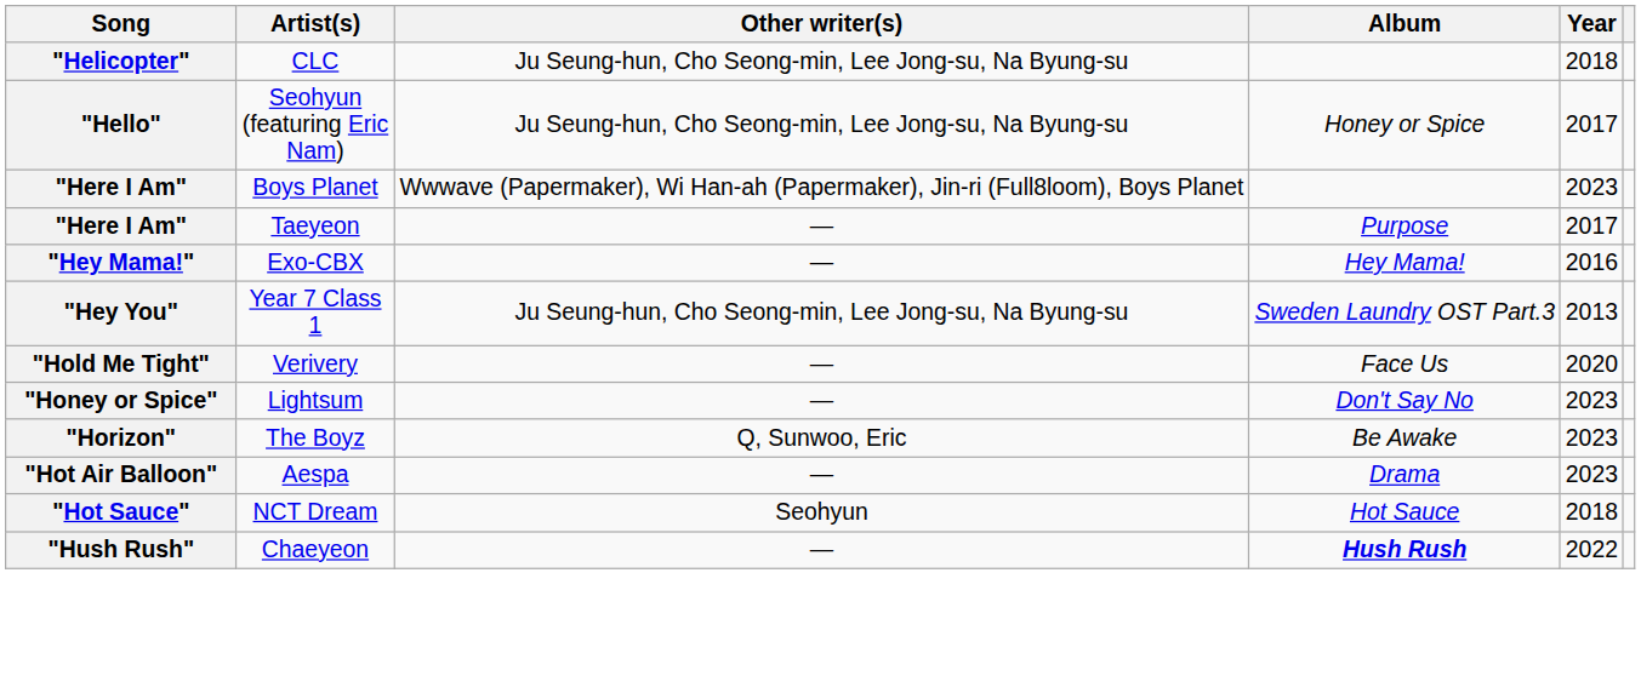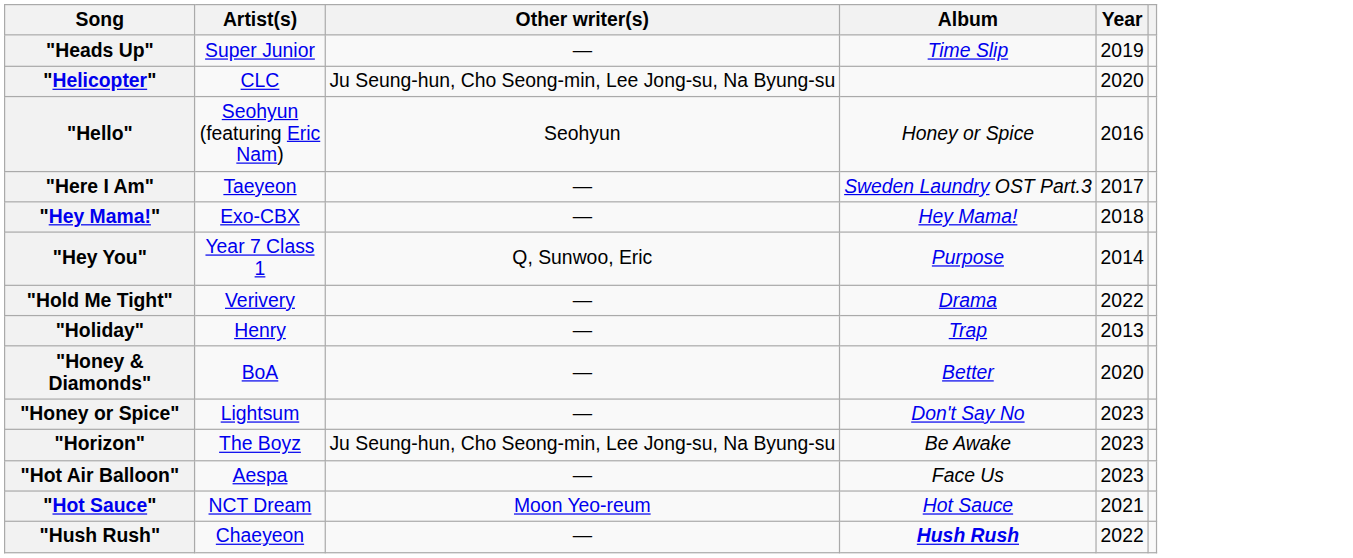 <table class="wikitable sortable plainrowheaders" style="text-align:center;">
 <tr>
 <th scope="col" width="150">Song</th>
 <th scope="col" width="100">Artist(s)</th>
 <th scope="col" class="unsortable">Other writer(s)</th>
 <th scope="col" data-sort-type="text">Album</th>
 <th scope="col">Year</th>
 <th scope="col" class="unsortable"></th>
 </tr>
 <tr>
+<th scope="row">"Heads Up"</th>
+<td><a href='#'>Super Junior</a></td>
+<td>—</td>
+<td><em><a href='#'>Time Slip</a></em></td>
+<td>2019</td>
+<td style="text-align:center;"></td>
+</tr>
+<tr>
 <th scope="row">"<a href='#'>Helicopter</a>"</th>
 <td><a href='#'>CLC</a></td>
 <td>Ju Seung-hun, Cho Seong-min, Lee Jong-su, Na Byung-su</td>
 <td></td>
-<td>2018</td>
+<td>2020</td>
 <td style="text-align:center;"></td>
 </tr>
 <tr>
 <th scope="row">"Hello"</th>
 <td><a href='#'>Seohyun</a> (featuring <a href='#'>Eric Nam</a>)</td>
-<td>Ju Seung-hun, Cho Seong-min, Lee Jong-su, Na Byung-su</td>
+<td>Seohyun</td>
 <td><em>Honey or Spice</em></td>
-<td>2017</td>
-<td style="text-align:center;"></td>
-</tr>
-<tr>
-<th scope="row">"Here I Am"</th>
-<td><a href='#'>Boys Planet</a></td>
-<td>Wwwave (Papermaker), Wi Han-ah (Papermaker), Jin-ri (Full8loom), Boys Planet</td>
-<td></td>
-<td>2023</td>
+<td>2016</td>
 <td style="text-align:center;"></td>
 </tr>
 <tr>
 <th scope="row">"Here I Am"</th>
 <td><a href='#'>Taeyeon</a></td>
 <td>—</td>
-<td><em><a href='#'>Purpose</a></em></td>
+<td><em><a href='#'>Sweden Laundry</a> OST Part.3</em></td>
 <td>2017</td>
 <td style="text-align:center;"></td>
 </tr>
 <tr>
 <th scope="row">"<a href='#'>Hey Mama!</a>"</th>
 <td><a href='#'>Exo-CBX</a></td>
 <td>—</td>
 <td><em><a href='#'>Hey Mama!</a></em></td>
-<td>2016</td>
+<td>2018</td>
 <td style="text-align:center;"></td>
 </tr>
 <tr>
 <th scope="row">"Hey You"</th>
 <td><a href='#'>Year 7 Class 1</a></td>
-<td>Ju Seung-hun, Cho Seong-min, Lee Jong-su, Na Byung-su</td>
-<td><em><a href='#'>Sweden Laundry</a> OST Part.3</em></td>
-<td>2013</td>
+<td>Q, Sunwoo, Eric</td>
+<td><em><a href='#'>Purpose</a></em></td>
+<td>2014</td>
 <td style="text-align:center;"></td>
 </tr>
 <tr>
 <th scope="row">"Hold Me Tight"</th>
 <td><a href='#'>Verivery</a></td>
 <td>—</td>
-<td><em>Face Us</em></td>
+<td><em><a href='#'>Drama</a></em></td>
+<td>2022</td>
+<td style="text-align:center;"></td>
+</tr>
+<tr>
+<th scope="row">"Holiday"</th>
+<td><a href='#'>Henry</a></td>
+<td>—</td>
+<td><em><a href='#'>Trap</a></em></td>
+<td>2013</td>
+<td style="text-align:center;"></td>
+</tr>
+<tr>
+<th scope="row">"Honey & Diamonds"</th>
+<td><a href='#'>BoA</a></td>
+<td>—</td>
+<td><em><a href='#'>Better</a></em></td>
 <td>2020</td>
 <td style="text-align:center;"></td>
 </tr>
 <tr>
 <th scope="row">"Honey or Spice"</th>
 <td><a href='#'>Lightsum</a></td>
 <td>—</td>
 <td><em><a href='#'>Don't Say No</a></em></td>
 <td>2023</td>
 <td style="text-align:center;"></td>
 </tr>
 <tr>
 <th scope="row">"Horizon"</th>
 <td><a href='#'>The Boyz</a></td>
-<td>Q, Sunwoo, Eric</td>
+<td>Ju Seung-hun, Cho Seong-min, Lee Jong-su, Na Byung-su</td>
 <td><em>Be Awake</em></td>
 <td>2023</td>
 <td style="text-align:center;"></td>
 </tr>
 <tr>
 <th scope="row">"Hot Air Balloon"</th>
 <td><a href='#'>Aespa</a></td>
 <td>—</td>
-<td><em><a href='#'>Drama</a></em></td>
+<td><em>Face Us</em></td>
 <td>2023</td>
 <td style="text-align:center;"></td>
 </tr>
 <tr>
 <th scope="row">"<a href='#'>Hot Sauce</a>"</th>
 <td><a href='#'>NCT Dream</a></td>
-<td>Seohyun</td>
+<td><a href='#'>Moon Yeo-reum</a></td>
 <td><em><a href='#'>Hot Sauce</a></em></td>
-<td>2018</td>
+<td>2021</td>
 <td style="text-align:center;"></td>
 </tr>
 <tr>
 <th scope="row">"Hush Rush"</th>
 <td><a href='#'>Chaeyeon</a></td>
 <td>—</td>
 <td><strong><em><a href='#'>Hush Rush</a></em></strong></td>
 <td>2022</td>
 <td style="text-align:center;"></td>
 </tr>
 </table>
